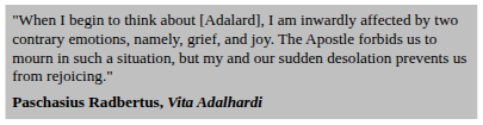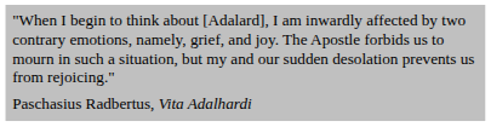 <table class="toccolours" style="float: right; margin-right: 1em; margin-right: 2em; font-size: 85%; background:#C0C0C0; color:black; width:30em; max-width: 40%;" cellspacing="5">
 <tr>
 <td style="text-align: left;">"When I begin to think about [Adalard], I am inwardly affected by two contrary emotions, namely, grief, and joy.  The Apostle forbids us to mourn in such a situation, but my and our sudden desolation prevents us from rejoicing."</td>
 </tr>
 <tr>
-<td style="text-align: left;"><strong>Paschasius Radbertus, <em>Vita Adalhardi</em></strong></td>
+<td style="text-align: left;">Paschasius Radbertus, <em>Vita Adalhardi</em></td>
 </tr>
 </table>
